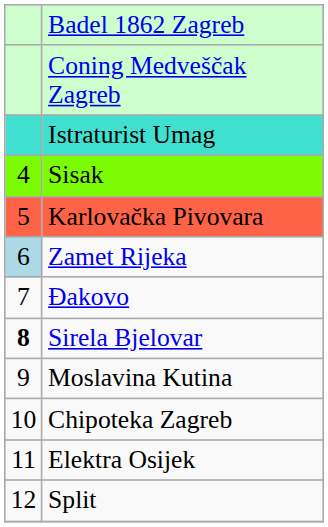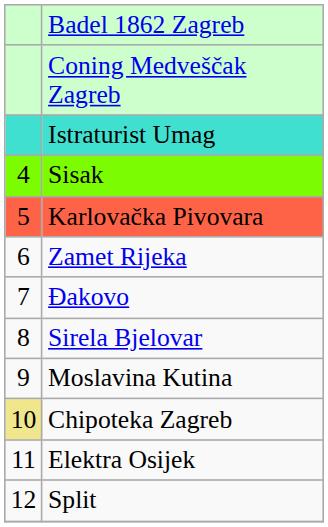 <table class="wikitable" width="200px">
 <tr bgcolor=#ccffcc>
 <td align=center></td>
 <td><a href='#'>Badel 1862 Zagreb</a></td>
 </tr>
 <tr bgcolor=#ccffcc>
 <td align=center></td>
 <td><a href='#'>Coning Medveščak Zagreb</a></td>
 </tr>
 <tr bgcolor="turquoise">
 <td align=center></td>
 <td>Istraturist Umag</td>
 </tr>
 <tr bgcolor="lawngreen">
 <td align=center>4</td>
 <td>Sisak</td>
 </tr>
 <tr bgcolor="tomato">
 <td align=center>5</td>
 <td>Karlovačka Pivovara</td>
 </tr>
 <tr>
-<td align=center style="background: lightblue;">6</td>
+<td align=center>6</td>
 <td><a href='#'>Zamet Rijeka</a></td>
 </tr>
 <tr>
 <td align=center>7</td>
 <td><a href='#'>Đakovo</a></td>
 </tr>
 <tr>
-<td align=center><strong>8</strong></td>
+<td align=center>8</td>
 <td><a href='#'>Sirela Bjelovar</a></td>
 </tr>
 <tr>
 <td align=center>9</td>
 <td>Moslavina Kutina</td>
 </tr>
 <tr>
-<td align=center>10</td>
+<td align=center style="background: khaki;">10</td>
 <td>Chipoteka Zagreb</td>
 </tr>
 <tr>
 <td align=center>11</td>
 <td>Elektra Osijek</td>
 </tr>
 <tr>
 <td align=center>12</td>
 <td>Split</td>
 </tr>
 <tr>
 </tr>
 </table>
